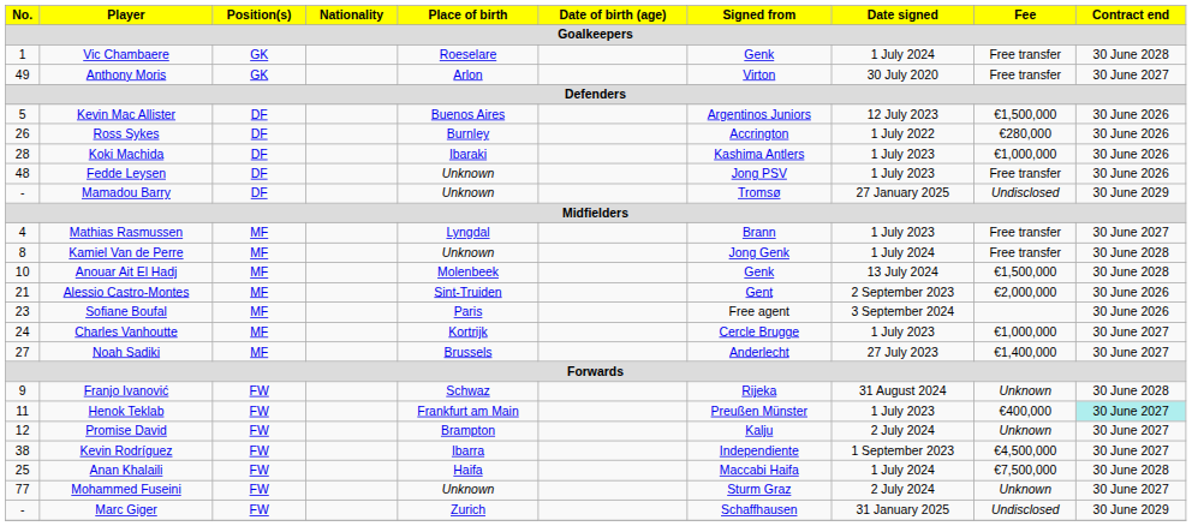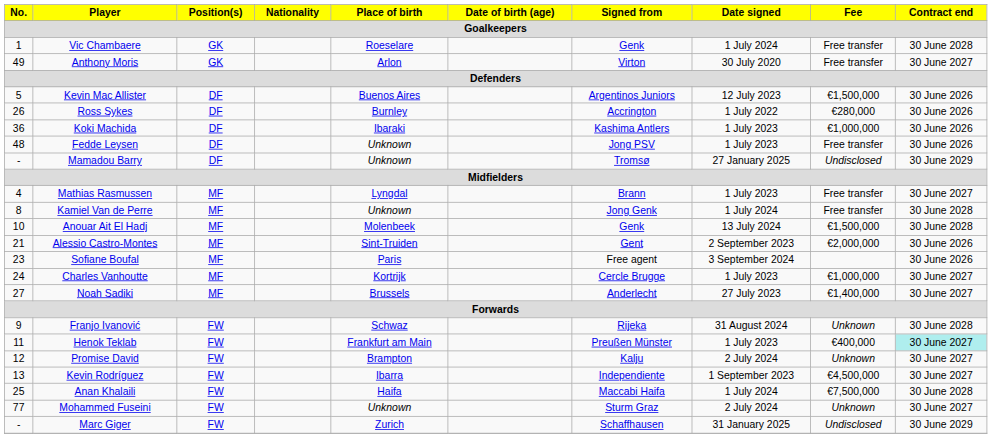 <table class="wikitable" style="text-align:center; font-size:84.5%; width:101%;">
 <tr>
 <th style="color:black; background:#FFFF00; text-align:center;">No.</th>
 <th style="color:black; background:#FFFF00; text-align:center;">Player</th>
 <th style="color:black; background:#FFFF00; text-align:center;">Position(s)</th>
 <th style="color:black; background:#FFFF00; text-align:center;">Nationality</th>
 <th style="color:black; background:#FFFF00; text-align:center;">Place of birth</th>
 <th style="color:black; background:#FFFF00; text-align:center;">Date of birth (age)</th>
 <th style="color:black; background:#FFFF00; text-align:center;">Signed from</th>
 <th style="color:black; background:#FFFF00; text-align:center;">Date signed</th>
 <th style="color:black; background:#FFFF00; text-align:center;">Fee</th>
 <th style="color:black; background:#FFFF00; text-align:center;">Contract end</th>
 </tr>
 <tr>
 <th colspan="14" style="background:#dcdcdc; tepxt-align:center;">Goalkeepers</th>
 </tr>
 <tr>
 <td>1</td>
 <td><a href='#'>Vic Chambaere</a></td>
 <td><a href='#'>GK</a></td>
 <td></td>
 <td><a href='#'>Roeselare</a></td>
 <td></td>
 <td> <a href='#'>Genk</a></td>
 <td>1 July 2024</td>
 <td>Free transfer</td>
 <td>30 June 2028</td>
 </tr>
 <tr>
 <td>49</td>
 <td><a href='#'>Anthony Moris</a></td>
 <td><a href='#'>GK</a></td>
 <td></td>
 <td> <a href='#'>Arlon</a></td>
 <td></td>
 <td> <a href='#'>Virton</a></td>
 <td>30 July 2020</td>
 <td>Free transfer</td>
 <td>30 June 2027</td>
 </tr>
 <tr>
 <th colspan="14" style="background:#dcdcdc; tepxt-align:center;">Defenders</th>
 </tr>
 <tr>
 <td>5</td>
 <td><a href='#'>Kevin Mac Allister</a></td>
 <td><a href='#'>DF</a></td>
 <td></td>
 <td><a href='#'>Buenos Aires</a></td>
 <td></td>
 <td> <a href='#'>Argentinos Juniors</a></td>
 <td>12 July 2023</td>
 <td>€1,500,000</td>
 <td>30 June 2026</td>
 </tr>
 <tr>
 <td>26</td>
 <td><a href='#'>Ross Sykes</a></td>
 <td><a href='#'>DF</a></td>
 <td></td>
 <td><a href='#'>Burnley</a></td>
 <td></td>
 <td> <a href='#'>Accrington</a></td>
 <td>1 July 2022</td>
 <td>€280,000</td>
 <td>30 June 2026</td>
 </tr>
 <tr>
-<td>28</td>
+<td>36</td>
 <td><a href='#'>Koki Machida</a></td>
 <td><a href='#'>DF</a></td>
 <td></td>
 <td><a href='#'>Ibaraki</a></td>
 <td></td>
 <td> <a href='#'>Kashima Antlers</a></td>
 <td>1 July 2023</td>
 <td>€1,000,000</td>
 <td>30 June 2026</td>
 </tr>
 <tr>
 <td>48</td>
 <td><a href='#'>Fedde Leysen</a></td>
 <td><a href='#'>DF</a></td>
 <td></td>
 <td><em>Unknown</em></td>
 <td></td>
 <td> <a href='#'>Jong PSV</a></td>
 <td>1 July 2023</td>
 <td>Free transfer</td>
 <td>30 June 2026</td>
 </tr>
 <tr>
 <td>-</td>
 <td><a href='#'>Mamadou Barry</a></td>
 <td><a href='#'>DF</a></td>
 <td></td>
 <td><em>Unknown</em></td>
 <td></td>
 <td> <a href='#'>Tromsø</a></td>
 <td>27 January 2025</td>
 <td><em>Undisclosed</em></td>
 <td>30 June 2029</td>
 </tr>
 <tr>
 <th colspan="14" style="background:#dcdcdc; tepxt-align:center;">Midfielders</th>
 </tr>
 <tr>
 <td>4</td>
 <td><a href='#'>Mathias Rasmussen</a></td>
 <td><a href='#'>MF</a></td>
 <td></td>
 <td><a href='#'>Lyngdal</a></td>
 <td></td>
 <td> <a href='#'>Brann</a></td>
 <td>1 July 2023</td>
 <td>Free transfer</td>
 <td>30 June 2027</td>
 </tr>
 <tr>
 <td>8</td>
 <td><a href='#'>Kamiel Van de Perre</a></td>
 <td><a href='#'>MF</a></td>
 <td></td>
 <td><em>Unknown</em></td>
 <td></td>
 <td> <a href='#'>Jong Genk</a></td>
 <td>1 July 2024</td>
 <td>Free transfer</td>
 <td>30 June 2028</td>
 </tr>
 <tr>
 <td>10</td>
 <td><a href='#'>Anouar Ait El Hadj</a></td>
 <td><a href='#'>MF</a></td>
 <td></td>
 <td><a href='#'>Molenbeek</a></td>
 <td></td>
 <td> <a href='#'>Genk</a></td>
 <td>13 July 2024</td>
 <td>€1,500,000</td>
 <td>30 June 2028</td>
 </tr>
 <tr>
 <td>21</td>
 <td><a href='#'>Alessio Castro-Montes</a></td>
 <td><a href='#'>MF</a></td>
 <td></td>
 <td><a href='#'>Sint-Truiden</a></td>
 <td></td>
 <td> <a href='#'>Gent</a></td>
 <td>2 September 2023</td>
 <td>€2,000,000</td>
 <td>30 June 2026</td>
 </tr>
 <tr>
 <td>23</td>
 <td><a href='#'>Sofiane Boufal</a></td>
 <td><a href='#'>MF</a></td>
 <td></td>
 <td> <a href='#'>Paris</a></td>
 <td></td>
 <td>Free agent</td>
 <td>3 September 2024</td>
 <td></td>
 <td>30 June 2026</td>
 </tr>
 <tr>
 <td>24</td>
 <td><a href='#'>Charles Vanhoutte</a></td>
 <td><a href='#'>MF</a></td>
 <td></td>
 <td><a href='#'>Kortrijk</a></td>
 <td></td>
 <td> <a href='#'>Cercle Brugge</a></td>
 <td>1 July 2023</td>
 <td>€1,000,000</td>
 <td>30 June 2027</td>
 </tr>
 <tr>
 <td>27</td>
 <td><a href='#'>Noah Sadiki</a></td>
 <td><a href='#'>MF</a></td>
 <td></td>
 <td> <a href='#'>Brussels</a></td>
 <td></td>
 <td> <a href='#'>Anderlecht</a></td>
 <td>27 July 2023</td>
 <td>€1,400,000</td>
 <td>30 June 2027</td>
 </tr>
 <tr>
 <th colspan="14" style="background:#dcdcdc; tepxt-align:center;">Forwards</th>
 </tr>
 <tr>
 <td>9</td>
 <td><a href='#'>Franjo Ivanović</a></td>
 <td><a href='#'>FW</a></td>
 <td></td>
 <td> <a href='#'>Schwaz</a></td>
 <td></td>
 <td> <a href='#'>Rijeka</a></td>
 <td>31 August 2024</td>
 <td><em>Unknown</em></td>
 <td>30 June 2028</td>
 </tr>
 <tr>
 <td>11</td>
 <td><a href='#'>Henok Teklab</a></td>
 <td><a href='#'>FW</a></td>
 <td></td>
 <td><a href='#'>Frankfurt am Main</a></td>
 <td></td>
 <td> <a href='#'>Preußen Münster</a></td>
 <td>1 July 2023</td>
 <td>€400,000</td>
 <td style="background: paleturquoise;">30 June 2027</td>
 </tr>
 <tr>
 <td>12</td>
 <td><a href='#'>Promise David</a></td>
 <td><a href='#'>FW</a></td>
 <td></td>
 <td> <a href='#'>Brampton</a></td>
 <td></td>
 <td> <a href='#'>Kalju</a></td>
 <td>2 July 2024</td>
 <td><em>Unknown</em></td>
 <td>30 June 2027</td>
 </tr>
 <tr>
-<td>38</td>
+<td>13</td>
 <td><a href='#'>Kevin Rodríguez</a></td>
 <td><a href='#'>FW</a></td>
 <td></td>
 <td><a href='#'>Ibarra</a></td>
 <td></td>
 <td> <a href='#'>Independiente</a></td>
 <td>1 September 2023</td>
 <td>€4,500,000</td>
 <td>30 June 2027</td>
 </tr>
 <tr>
 <td>25</td>
 <td><a href='#'>Anan Khalaili</a></td>
 <td><a href='#'>FW</a></td>
 <td></td>
 <td><a href='#'>Haifa</a></td>
 <td></td>
 <td> <a href='#'>Maccabi Haifa</a></td>
 <td>1 July 2024</td>
 <td>€7,500,000</td>
 <td>30 June 2028</td>
 </tr>
 <tr>
 <td>77</td>
 <td><a href='#'>Mohammed Fuseini</a></td>
 <td><a href='#'>FW</a></td>
 <td></td>
 <td><em>Unknown</em></td>
 <td></td>
 <td> <a href='#'>Sturm Graz</a></td>
 <td>2 July 2024</td>
 <td><em>Unknown</em></td>
 <td>30 June 2027</td>
 </tr>
 <tr>
 <td>-</td>
 <td><a href='#'>Marc Giger</a></td>
 <td><a href='#'>FW</a></td>
 <td></td>
 <td><a href='#'>Zurich</a></td>
 <td></td>
 <td> <a href='#'>Schaffhausen</a></td>
 <td>31 January 2025</td>
 <td><em>Undisclosed</em></td>
 <td>30 June 2029</td>
 </tr>
 <tr>
 </tr>
 </table>
